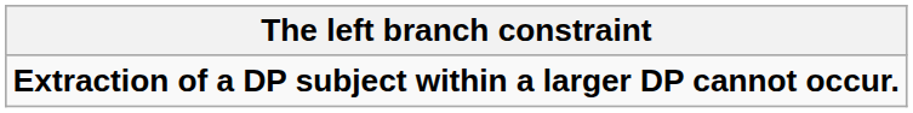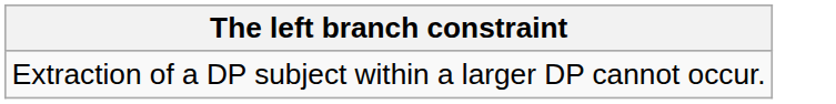 <table class="wikitable">
 <tr>
 <th>The left branch constraint</th>
 </tr>
 <tr>
-<td><strong>Extraction of a DP subject within a larger DP cannot occur.</strong></td>
+<td>Extraction of a DP subject within a larger DP cannot occur.</td>
 </tr>
 </table>
